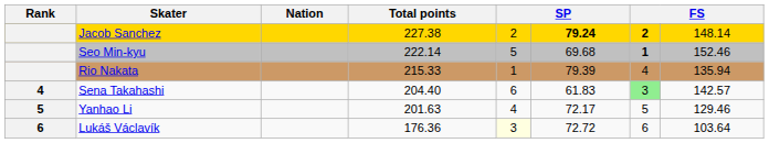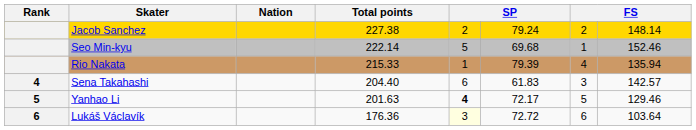 <table class="wikitable sortable" style="text-align:center;" width="80%">
 <tr>
 <th scope="col">Rank</th>
 <th scope="col">Skater</th>
 <th scope="col">Nation</th>
 <th scope="col">Total points</th>
 <th scope="col" colspan="2" width="80px"><a href='#'>SP</a></th>
 <th scope="col" colspan="2" width="80px"><a href='#'>FS</a></th>
 </tr>
 <tr bgcolor="gold">
 <th scope="row"></th>
 <td align="left"><a href='#'>Jacob Sanchez</a></td>
 <td align="left"></td>
 <td>227.38</td>
 <td>2</td>
-<td><strong>79.24</strong></td>
-<td><strong>2</strong></td>
+<td>79.24</td>
+<td>2</td>
 <td>148.14</td>
 </tr>
 <tr bgcolor="silver">
 <th scope="row"></th>
 <td align="left"><a href='#'>Seo Min-kyu</a></td>
 <td align="left"></td>
 <td>222.14</td>
 <td>5</td>
 <td>69.68</td>
-<td><strong>1</strong></td>
+<td>1</td>
 <td>152.46</td>
 </tr>
 <tr bgcolor="cc9966">
 <th scope="row"></th>
 <td align="left"><a href='#'>Rio Nakata</a></td>
 <td align="left"></td>
 <td>215.33</td>
 <td>1</td>
 <td>79.39</td>
 <td>4</td>
 <td>135.94</td>
 </tr>
 <tr>
 <th scope="row">4</th>
 <td align="left"><a href='#'>Sena Takahashi</a></td>
 <td align="left"></td>
 <td>204.40</td>
 <td>6</td>
 <td>61.83</td>
-<td style="background: lightgreen;">3</td>
+<td>3</td>
 <td>142.57</td>
 </tr>
 <tr>
 <th scope="row">5</th>
 <td align="left"><a href='#'>Yanhao Li</a></td>
 <td align="left"></td>
 <td>201.63</td>
-<td>4</td>
+<td><strong>4</strong></td>
 <td>72.17</td>
 <td>5</td>
 <td>129.46</td>
 </tr>
 <tr>
 <th scope="row">6</th>
 <td align="left"><a href='#'>Lukáš Václavík</a></td>
 <td align="left"></td>
 <td>176.36</td>
 <td style="background: lightyellow;">3</td>
 <td>72.72</td>
 <td>6</td>
 <td>103.64</td>
 </tr>
 </table>
